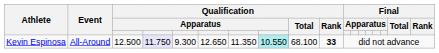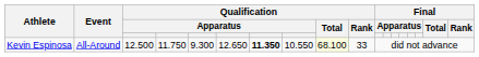 <table class="wikitable" style="font-size:90%">
 <tr>
 <th rowspan=3>Athlete</th>
 <th rowspan=3>Event</th>
 <th colspan =8>Qualification</th>
 <th colspan =8>Final</th>
 </tr>
 <tr style="font-size:95%">
 <th colspan=6>Apparatus</th>
 <th rowspan=2>Total</th>
 <th rowspan=2>Rank</th>
 <th colspan=6>Apparatus</th>
 <th rowspan=2>Total</th>
 <th rowspan=2>Rank</th>
 </tr>
 <tr style="font-size:95%">
 <th></th>
 <th></th>
 <th></th>
 <th></th>
 <th></th>
 <th></th>
 <th></th>
 <th></th>
 <th></th>
 <th></th>
 <th></th>
 <th></th>
 </tr>
 <tr align=center>
 <td align=left><a href='#'>Kevin Espinosa</a></td>
 <td align=left><a href='#'>All-Around</a></td>
 <td>12.500</td>
-<td style="background: lavender;">11.750</td>
+<td>11.750</td>
 <td>9.300</td>
 <td>12.650</td>
-<td>11.350</td>
-<td style="background: paleturquoise;">10.550</td>
-<td>68.100</td>
-<td><strong>33</strong></td>
+<td><strong>11.350</strong></td>
+<td>10.550</td>
+<td style="background: lightyellow;">68.100</td>
+<td>33</td>
 <td colspan=8>did not advance</td>
 </tr>
 </table>
